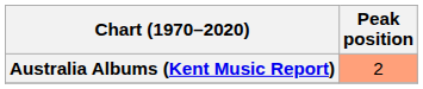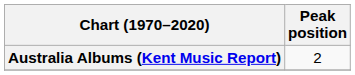 <table class="wikitable sortable plainrowheaders" style="text-align:center">
 <tr>
 <th scope="col">Chart (1970–2020)</th>
 <th scope="col">Peak<br>position</th>
 </tr>
 <tr>
 <th scope="row">Australia Albums (<a href='#'>Kent Music Report</a>)</th>
-<td style="background: lightsalmon;">2</td>
+<td>2</td>
 </tr>
 <tr>
 </tr>
 <tr>
 </tr>
 <tr>
 </tr>
 <tr>
 </tr>
 <tr>
 </tr>
 <tr>
 </tr>
 <tr>
 </tr>
 <tr>
 </tr>
 </table>
